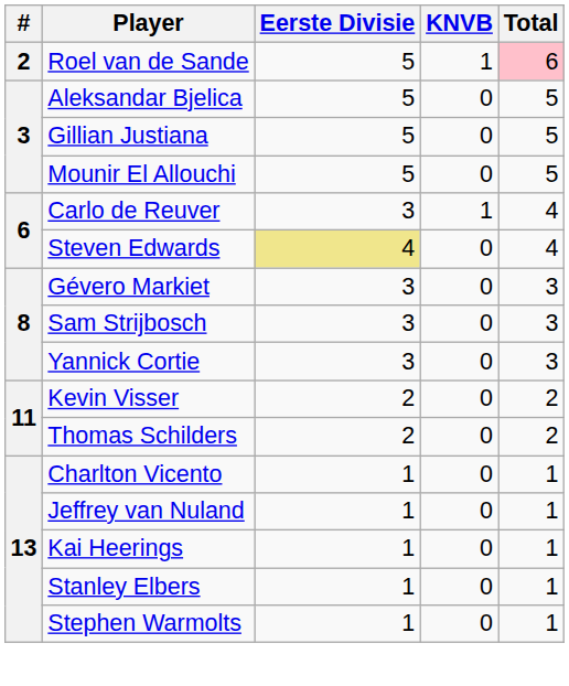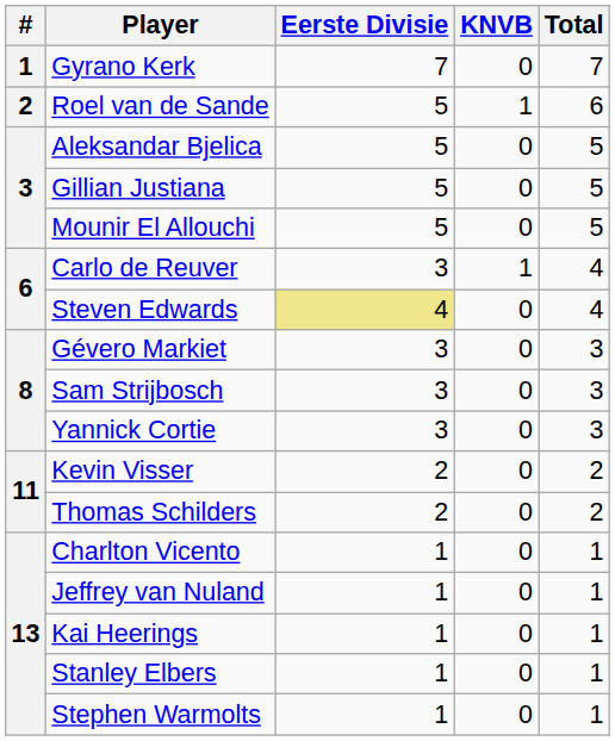 <table class="wikitable" style="text-align:right;">
 <tr>
 <th>#</th>
 <th>Player</th>
 <th><a href='#'>Eerste Divisie</a></th>
 <th><a href='#'>KNVB</a></th>
 <th>Total</th>
 </tr>
 <tr>
+<th align=center>1</th>
+<td align=left> <a href='#'>Gyrano Kerk</a></td>
+<td>7</td>
+<td>0</td>
+<td>7</td>
+</tr>
+<tr>
 <th align=center>2</th>
 <td align=left> <a href='#'>Roel van de Sande</a></td>
 <td>5</td>
 <td>1</td>
-<td style="background: pink;">6</td>
+<td>6</td>
 </tr>
 <tr>
 <th rowspan=3 align=center>3</th>
 <td align=left> <a href='#'>Aleksandar Bjelica</a></td>
 <td>5</td>
 <td>0</td>
 <td>5</td>
 </tr>
 <tr>
 <td align=left> <a href='#'>Gillian Justiana</a></td>
 <td>5</td>
 <td>0</td>
 <td>5</td>
 </tr>
 <tr>
 <td align=left> <a href='#'>Mounir El Allouchi</a></td>
 <td>5</td>
 <td>0</td>
 <td>5</td>
 </tr>
 <tr>
 <th rowspan=2 align=center>6</th>
 <td align=left> <a href='#'>Carlo de Reuver</a></td>
 <td>3</td>
 <td>1</td>
 <td>4</td>
 </tr>
 <tr>
 <td align=left> <a href='#'>Steven Edwards</a></td>
 <td style="background: khaki;">4</td>
 <td>0</td>
 <td>4</td>
 </tr>
 <tr>
 <th rowspan=3 align=center>8</th>
 <td align=left> <a href='#'>Gévero Markiet</a></td>
 <td>3</td>
 <td>0</td>
 <td>3</td>
 </tr>
 <tr>
 <td align=left> <a href='#'>Sam Strijbosch</a></td>
 <td>3</td>
 <td>0</td>
 <td>3</td>
 </tr>
 <tr>
 <td align=left> <a href='#'>Yannick Cortie</a></td>
 <td>3</td>
 <td>0</td>
 <td>3</td>
 </tr>
 <tr>
 <th rowspan=2 align=center>11</th>
 <td align=left> <a href='#'>Kevin Visser</a></td>
 <td>2</td>
 <td>0</td>
 <td>2</td>
 </tr>
 <tr>
 <td align=left> <a href='#'>Thomas Schilders</a></td>
 <td>2</td>
 <td>0</td>
 <td>2</td>
 </tr>
 <tr>
 <th rowspan=5 align=center>13</th>
 <td align=left> <a href='#'>Charlton Vicento</a></td>
 <td>1</td>
 <td>0</td>
 <td>1</td>
 </tr>
 <tr>
 <td align=left> <a href='#'>Jeffrey van Nuland</a></td>
 <td>1</td>
 <td>0</td>
 <td>1</td>
 </tr>
 <tr>
 <td align=left> <a href='#'>Kai Heerings</a></td>
 <td>1</td>
 <td>0</td>
 <td>1</td>
 </tr>
 <tr>
 <td align=left> <a href='#'>Stanley Elbers</a></td>
 <td>1</td>
 <td>0</td>
 <td>1</td>
 </tr>
 <tr>
 <td align=left> <a href='#'>Stephen Warmolts</a></td>
 <td>1</td>
 <td>0</td>
 <td>1</td>
 </tr>
 </table>
